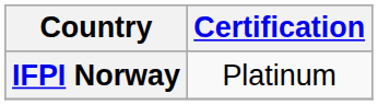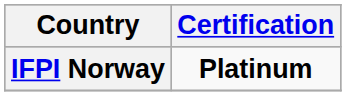 <table class="wikitable plainrowheaders sortable" style="text-align:center;">
 <tr>
 <th scope="col">Country</th>
 <th scope="col"><a href='#'>Certification</a></th>
 </tr>
 <tr>
 <th scope="row"><a href='#'>IFPI</a> Norway</th>
-<td>Platinum</td>
+<td><strong>Platinum</strong></td>
 </tr>
 <tr>
 </tr>
 </table>
